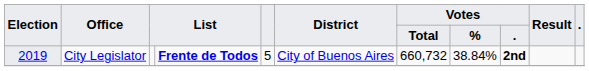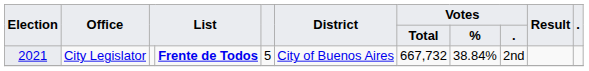 <table class="wikitable" style="font-size:90%; text-align:center;">
 <tr>
 <th style="background-color:#EAECF0;" rowspan=2>Election</th>
 <th style="background-color:#EAECF0;" rowspan=2>Office</th>
 <th style="background-color:#EAECF0;" colspan=2 rowspan=2>List</th>
 <th style="background-color:#EAECF0;" rowspan=2></th>
 <th style="background-color:#EAECF0;" rowspan=2>District</th>
 <th style="background-color:#EAECF0;" colspan=3>Votes</th>
 <th style="background-color:#EAECF0;" rowspan=2>Result</th>
 <th style="background-color:#EAECF0;" rowspan=2>.</th>
 </tr>
 <tr>
 <th style="background-color:#EAECF0;">Total</th>
 <th style="background-color:#EAECF0;">%</th>
 <th style="background-color:#EAECF0;">.</th>
 </tr>
 <tr>
-<td style="background-color:#EAECF0;"><a href='#'>2019</a></td>
+<td style="background-color:#EAECF0;"><a href='#'>2021</a></td>
 <td><a href='#'>City Legislator</a></td>
 <td style="background-color:"></td>
 <td><strong><a href='#'>Frente de Todos</a></strong></td>
 <td>5</td>
 <td><a href='#'>City of Buenos Aires</a></td>
-<td>660,732</td>
+<td>667,732</td>
 <td>38.84%</td>
-<td><strong>2nd</strong></td>
+<td>2nd</td>
 <td></td>
 <td></td>
 </tr>
 <tr>
 </tr>
 </table>
